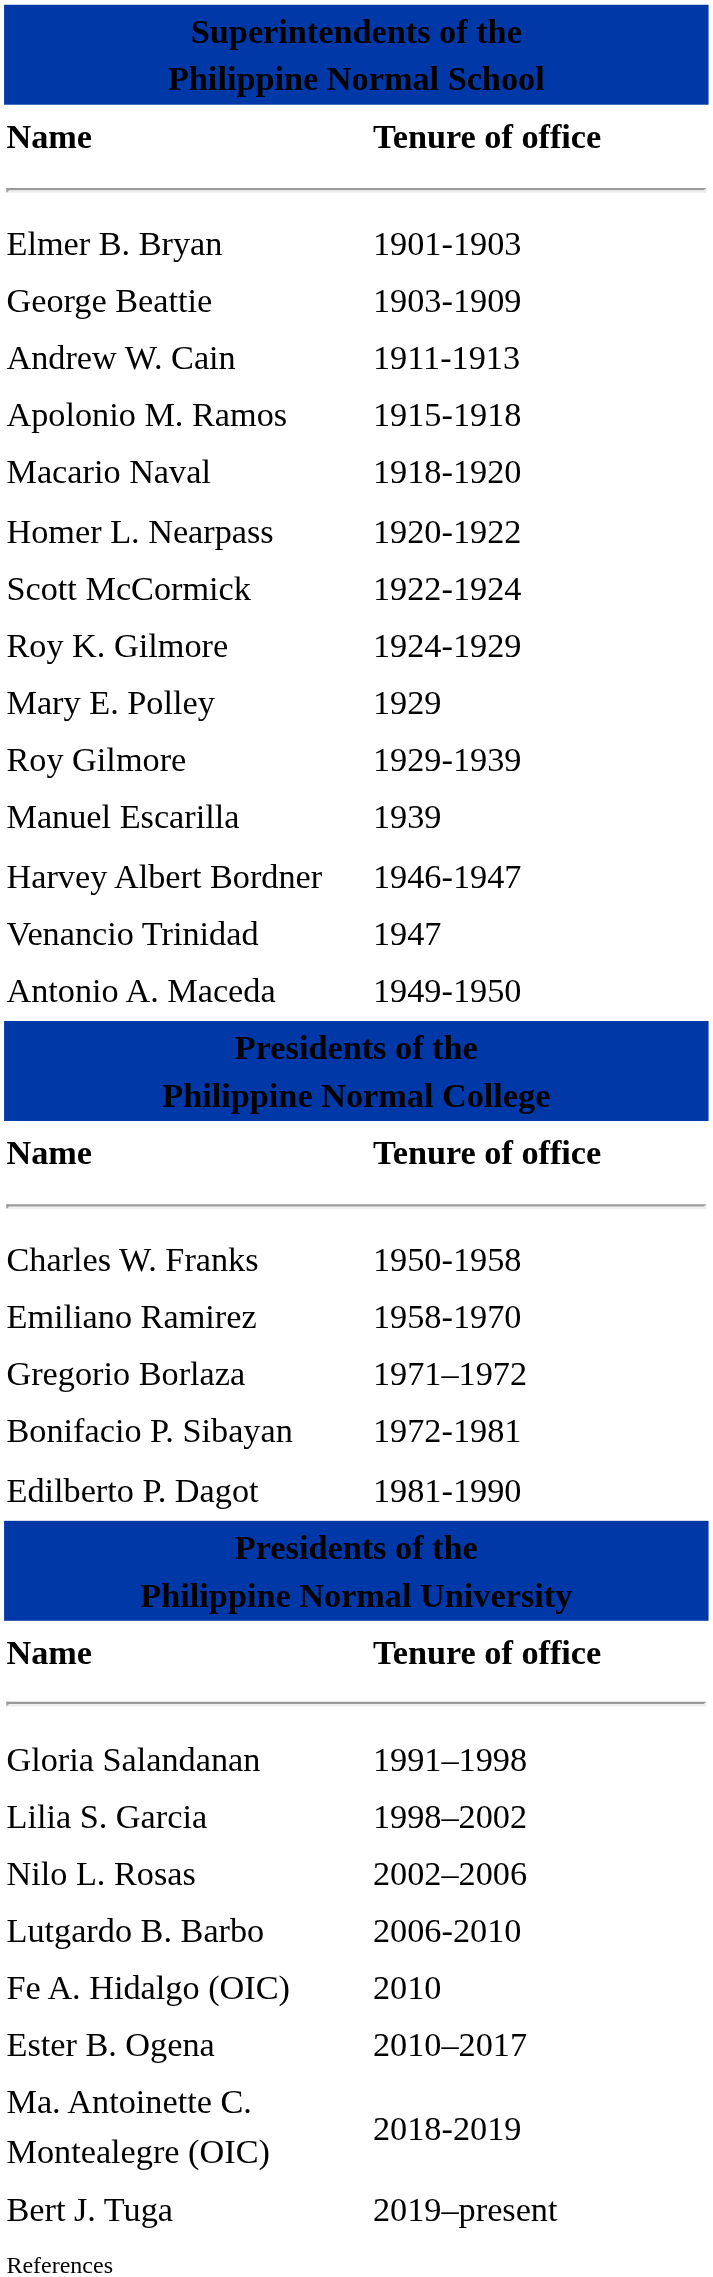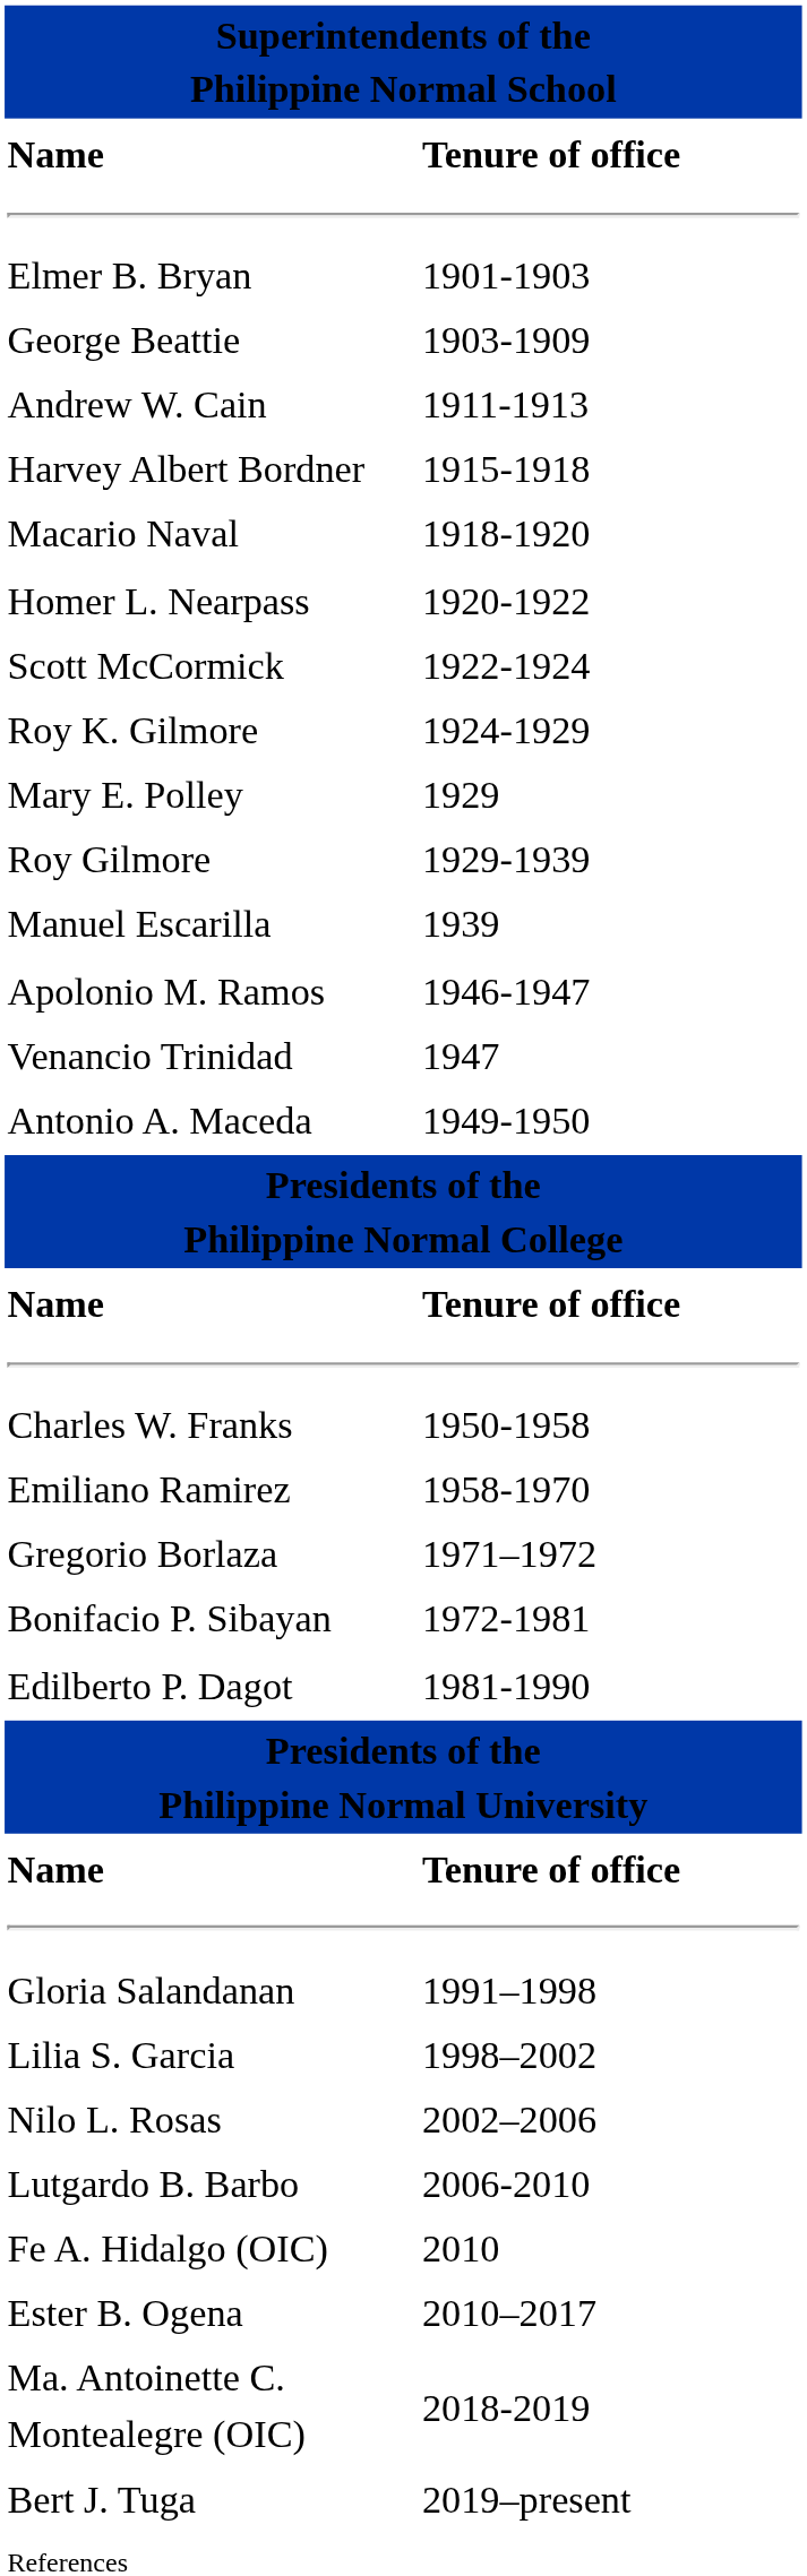 <table class="toccolours" style="float:right; margin-left:1em; font-size:90%; line-height:1.4em; width:300px;">
 <tr>
 <th colspan="2" style="text-align: center;background-color:#0038A8"><span> <strong>Superintendents of the<br>Philippine Normal School</strong></span></th>
 </tr>
 <tr>
 <td scope="col" width="150"><strong>Name</strong></td>
 <td><strong>Tenure of office</strong></td>
 </tr>
 <tr>
 <td colspan="2"><hr></td>
 </tr>
 <tr>
 <td>Elmer B. Bryan</td>
 <td>1901-1903</td>
 </tr>
 <tr>
 <td>George Beattie</td>
 <td>1903-1909</td>
 </tr>
 <tr>
 <td>Andrew W. Cain</td>
 <td>1911-1913</td>
 </tr>
 <tr>
-<td>Apolonio M. Ramos</td>
+<td>Harvey Albert Bordner</td>
 <td>1915-1918</td>
 </tr>
 <tr>
 <td>Macario Naval</td>
 <td>1918-1920</td>
 </tr>
 <tr>
 <td>Homer L. Nearpass</td>
 <td>1920-1922</td>
 </tr>
 <tr>
 <td>Scott McCormick</td>
 <td>1922-1924</td>
 </tr>
 <tr>
 <td>Roy K. Gilmore</td>
 <td>1924-1929</td>
 </tr>
 <tr>
 <td>Mary E. Polley</td>
 <td>1929</td>
 </tr>
 <tr>
 <td>Roy Gilmore</td>
 <td>1929-1939</td>
 </tr>
 <tr>
 <td>Manuel Escarilla</td>
 <td>1939</td>
 </tr>
 <tr>
-<td>Harvey Albert Bordner</td>
+<td>Apolonio M. Ramos</td>
 <td>1946-1947</td>
 </tr>
 <tr>
 <td>Venancio Trinidad</td>
 <td>1947</td>
 </tr>
 <tr>
 <td>Antonio A. Maceda</td>
 <td>1949-1950</td>
 </tr>
 <tr>
 <th colspan="2" style="text-align: center;background-color:#0038A8"><span><strong>Presidents of the<br>Philippine Normal College</strong></span></th>
 </tr>
 <tr>
 <td scope="col" width="150"><strong>Name</strong></td>
 <td><strong>Tenure of office</strong></td>
 </tr>
 <tr>
 <th colspan="2"><hr></th>
 </tr>
 <tr>
 <td>Charles W. Franks</td>
 <td>1950-1958</td>
 </tr>
 <tr>
 <td>Emiliano Ramirez</td>
 <td>1958-1970</td>
 </tr>
 <tr>
 <td>Gregorio Borlaza</td>
 <td>1971–1972</td>
 </tr>
 <tr>
 <td>Bonifacio P. Sibayan</td>
 <td>1972-1981</td>
 </tr>
 <tr>
 <td>Edilberto P. Dagot</td>
 <td>1981-1990</td>
 </tr>
 <tr>
 <th colspan="2" style="text-align: center;background-color:#0038A8"><span><strong>Presidents of the<br>Philippine Normal University</strong></span></th>
 </tr>
 <tr>
 <td scope="col" width="150"><strong>Name</strong></td>
 <td><strong>Tenure of office</strong></td>
 </tr>
 <tr>
 <th colspan="2"><hr></th>
 </tr>
 <tr>
 <td>Gloria Salandanan</td>
 <td>1991–1998</td>
 </tr>
 <tr>
 <td>Lilia S. Garcia</td>
 <td>1998–2002</td>
 </tr>
 <tr>
 <td>Nilo L. Rosas</td>
 <td>2002–2006</td>
 </tr>
 <tr>
 <td>Lutgardo B. Barbo</td>
 <td>2006-2010</td>
 </tr>
 <tr>
 <td>Fe A. Hidalgo (OIC)</td>
 <td>2010</td>
 </tr>
 <tr>
 <td>Ester B. Ogena</td>
 <td>2010–2017</td>
 </tr>
 <tr>
 <td>Ma. Antoinette C. Montealegre (OIC)</td>
 <td>2018-2019</td>
 </tr>
 <tr>
 <td>Bert J. Tuga</td>
 <td>2019–present</td>
 </tr>
 <tr>
 <td style="font-size:70%">References</td>
 <td></td>
 </tr>
 </table>
